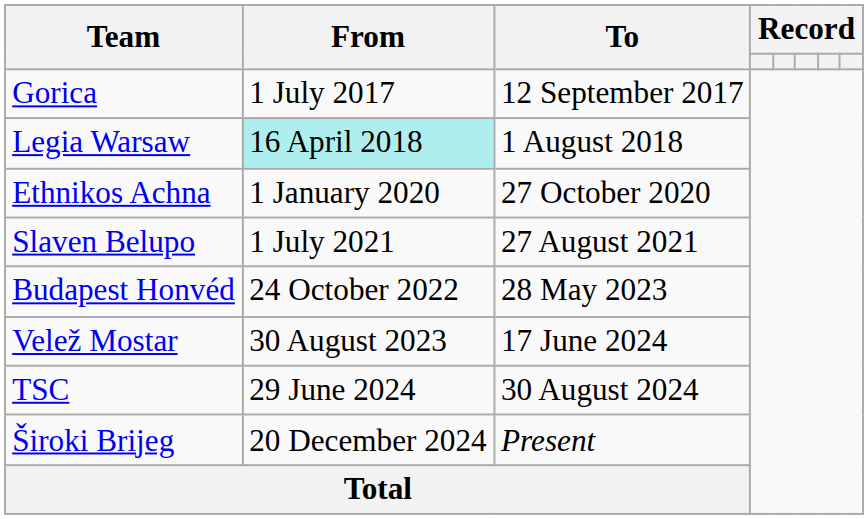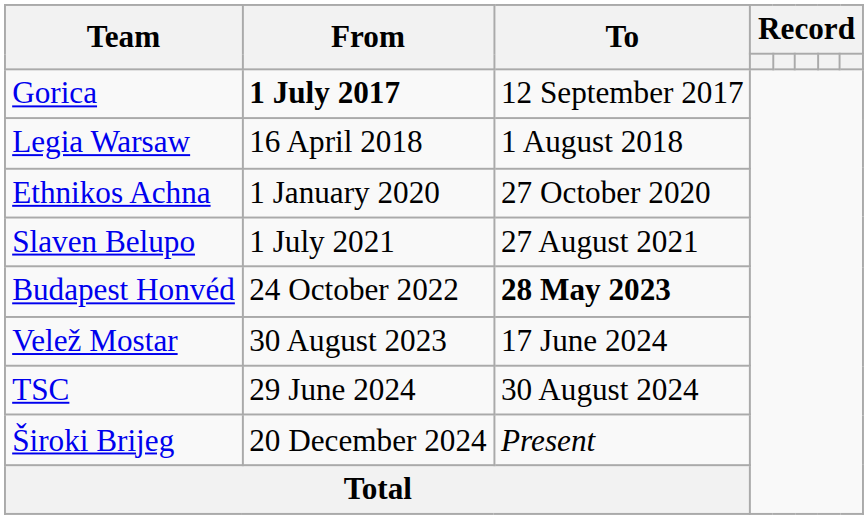 <table class="wikitable" style="text-align:center">
 <tr>
 <th rowspan="2">Team</th>
 <th rowspan="2">From</th>
 <th rowspan="2">To</th>
 <th colspan="5">Record</th>
 </tr>
 <tr>
 <th></th>
 <th></th>
 <th></th>
 <th></th>
 <th></th>
 </tr>
 <tr>
 <td align=left><a href='#'>Gorica</a></td>
-<td align=left>1 July 2017</td>
+<td align=left><strong>1 July 2017</strong></td>
 <td align=left>12 September 2017<br></td>
 </tr>
 <tr>
 <td align=left><a href='#'>Legia Warsaw</a></td>
-<td align=left style="background: paleturquoise;">16 April 2018</td>
+<td align=left>16 April 2018</td>
 <td align=left>1 August 2018<br></td>
 </tr>
 <tr>
 <td align=left><a href='#'>Ethnikos Achna</a></td>
 <td align=left>1 January 2020</td>
 <td align=left>27 October 2020<br></td>
 </tr>
 <tr>
 <td align=left><a href='#'>Slaven Belupo</a></td>
 <td align=left>1 July 2021</td>
 <td align=left>27 August 2021<br></td>
 </tr>
 <tr>
 <td align=left><a href='#'>Budapest Honvéd</a></td>
 <td align=left>24 October 2022</td>
-<td align=left>28 May 2023<br></td>
+<td align=left><strong>28 May 2023<br></strong></td>
 </tr>
 <tr>
 <td align=left><a href='#'>Velež Mostar</a></td>
 <td align=left>30 August 2023</td>
 <td align=left>17 June 2024<br></td>
 </tr>
 <tr>
 <td align=left><a href='#'>TSC</a></td>
 <td align=left>29 June 2024</td>
 <td align=left>30 August 2024<br></td>
 </tr>
 <tr>
 <td align=left><a href='#'>Široki Brijeg</a></td>
 <td align=left>20 December 2024</td>
 <td align=left><em>Present</em><br></td>
 </tr>
 <tr>
 <th colspan="3">Total<br></th>
 </tr>
 </table>
